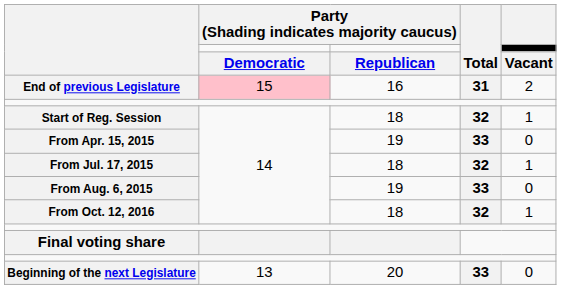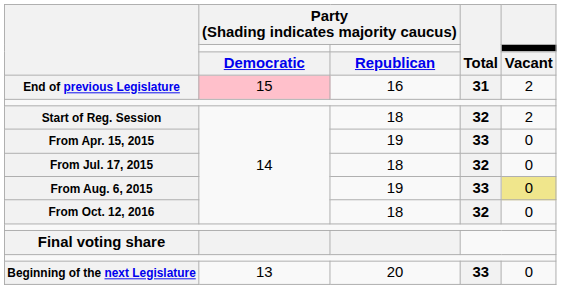 <table class=wikitable style="text-align:center">
 <tr style="vertical-align:bottom;">
 <th rowspan=3></th>
 <th colspan=2>Party <div>(Shading indicates majority caucus)</div></th>
 <th rowspan=3>Total</th>
 <th></th>
 </tr>
 <tr style="height:5px">
 <td style="background-color:"></td>
 <td style="background-color:"></td>
 <td style="background-color:black"></td>
 </tr>
 <tr>
 <th><a href='#'>Democratic</a></th>
 <th><a href='#'>Republican</a></th>
 <th>Vacant</th>
 </tr>
 <tr>
 <th nowrap style="font-size:80%">End of <a href='#'>previous Legislature</a></th>
 <td style="background: pink;">15</td>
 <td>16</td>
 <th>31</th>
 <td>2</td>
 </tr>
 <tr>
 <td colspan=5></td>
 </tr>
 <tr>
 <th nowrap style="font-size:80%">Start of Reg. Session</th>
 <td rowspan="5">14</td>
 <td>18</td>
 <th>32</th>
-<td>1</td>
+<td>2</td>
 </tr>
 <tr>
 <th nowrap style="font-size:80%">From Apr. 15, 2015</th>
 <td>19</td>
 <th>33</th>
 <td>0</td>
 </tr>
 <tr>
 <th nowrap style="font-size:80%">From Jul. 17, 2015</th>
 <td>18</td>
 <th>32</th>
-<td>1</td>
+<td>0</td>
 </tr>
 <tr>
 <th nowrap style="font-size:80%">From Aug. 6, 2015</th>
 <td>19</td>
 <th>33</th>
-<td>0</td>
+<td style="background: khaki;">0</td>
 </tr>
 <tr>
 <th nowrap style="font-size:80%">From Oct. 12, 2016</th>
 <td>18</td>
 <th>32</th>
-<td>1</td>
+<td>0</td>
 </tr>
 <tr>
 <td colspan=5></td>
 </tr>
 <tr>
 <th>Final voting share</th>
 <th></th>
 <th></th>
 <td colspan=2></td>
 </tr>
 <tr>
 <td colspan=5></td>
 </tr>
 <tr>
 <th style="white-space:nowrap; font-size:80%;">Beginning of the <a href='#'>next Legislature</a></th>
 <td>13</td>
 <td>20</td>
 <th>33</th>
 <td>0</td>
 </tr>
 </table>
